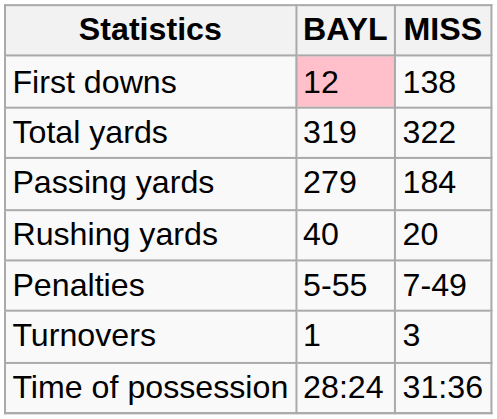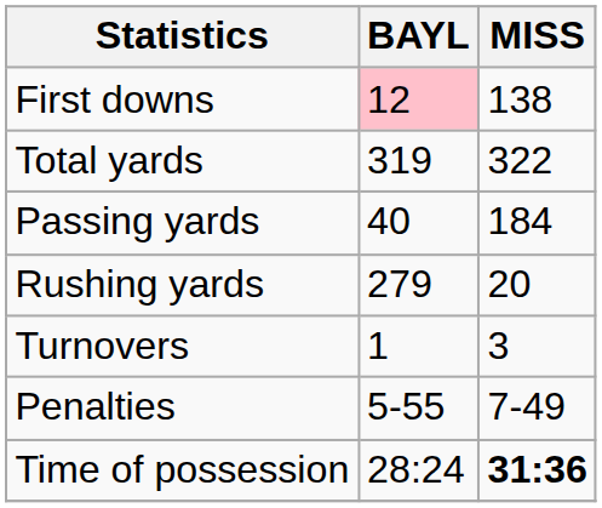 <table class="wikitable" style="float: left;">
 <tr>
 <th>Statistics</th>
 <th>BAYL</th>
 <th>MISS</th>
 </tr>
 <tr>
 <td>First downs</td>
 <td style="background: pink;">12</td>
 <td>138</td>
 </tr>
 <tr>
 <td>Total yards</td>
 <td>319</td>
 <td>322</td>
 </tr>
 <tr>
 <td>Passing yards</td>
-<td>279</td>
+<td>40</td>
 <td>184</td>
 </tr>
 <tr>
 <td>Rushing yards</td>
-<td>40</td>
+<td>279</td>
 <td>20</td>
+</tr>
+<tr>
+<td>Turnovers</td>
+<td>1</td>
+<td>3</td>
 </tr>
 <tr>
 <td>Penalties</td>
 <td>5-55</td>
 <td>7-49</td>
 </tr>
 <tr>
-<td>Turnovers</td>
-<td>1</td>
-<td>3</td>
-</tr>
-<tr>
 <td>Time of possession</td>
 <td>28:24</td>
-<td>31:36</td>
+<td><strong>31:36</strong></td>
 </tr>
 <tr>
 </tr>
 </table>
